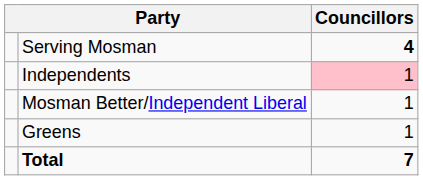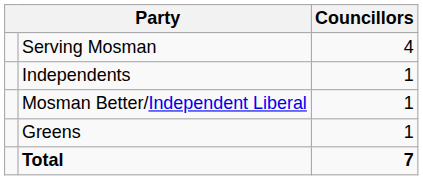 <table class="wikitable">
 <tr>
 <th colspan="2">Party</th>
 <th>Councillors</th>
 </tr>
 <tr>
 <td> </td>
 <td>Serving Mosman</td>
-<td align=right><strong>4</strong></td>
+<td align=right>4</td>
 </tr>
 <tr>
 <td> </td>
 <td>Independents</td>
-<td align=right style="background: pink;">1</td>
+<td align=right>1</td>
 </tr>
 <tr>
 <td> </td>
 <td>Mosman Better/<a href='#'>Independent Liberal</a></td>
 <td align=right>1</td>
 </tr>
 <tr>
 <td> </td>
 <td>Greens</td>
 <td align=right>1</td>
 </tr>
 <tr>
 <td></td>
 <td><strong>Total</strong></td>
 <td align=right><strong>7</strong></td>
 </tr>
 </table>
